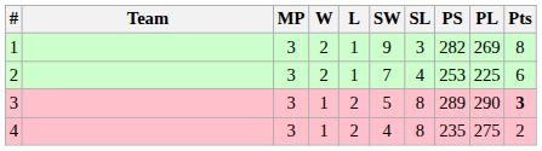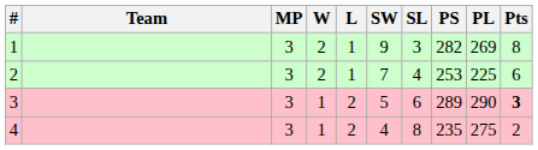 <table class=wikitable style="text-align:center">
 <tr>
 <th>#</th>
 <th width=220>Team</th>
 <th width=20>MP</th>
 <th width=20>W</th>
 <th width=20>L</th>
 <th width=20>SW</th>
 <th width=20>SL</th>
 <th width=20>PS</th>
 <th width=20>PL</th>
 <th width=20>Pts</th>
 </tr>
 <tr align="center" valign="top" style="background: #CCFFCC">
 <td>1</td>
 <td align=left></td>
 <td>3</td>
 <td>2</td>
 <td>1</td>
 <td>9</td>
 <td>3</td>
 <td>282</td>
 <td>269</td>
 <td>8</td>
 </tr>
 <tr align="center" valign="top" style="background: #CCFFCC">
 <td>2</td>
 <td align=left></td>
 <td>3</td>
 <td>2</td>
 <td>1</td>
 <td>7</td>
 <td>4</td>
 <td>253</td>
 <td>225</td>
 <td>6</td>
 </tr>
 <tr align="center" valign="top" style="background: pink">
 <td>3</td>
 <td align=left></td>
 <td>3</td>
 <td>1</td>
 <td>2</td>
 <td>5</td>
-<td>8</td>
+<td>6</td>
 <td>289</td>
 <td>290</td>
 <td><strong>3</strong></td>
 </tr>
 <tr align="center" valign="top" style="background: pink">
 <td>4</td>
 <td align=left></td>
 <td>3</td>
 <td>1</td>
 <td>2</td>
 <td>4</td>
 <td>8</td>
 <td>235</td>
 <td>275</td>
 <td>2</td>
 </tr>
 </table>
